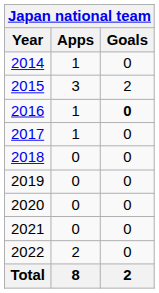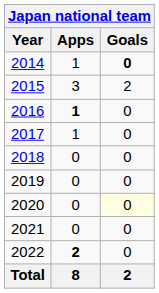 <table class="wikitable" style="text-align:center">
 <tr>
 <th colspan=3><a href='#'>Japan national team</a></th>
 </tr>
 <tr>
 <th>Year</th>
 <th>Apps</th>
 <th>Goals</th>
 </tr>
 <tr>
 <td><a href='#'>2014</a></td>
 <td>1</td>
-<td>0</td>
+<td><strong>0</strong></td>
 </tr>
 <tr>
 <td><a href='#'>2015</a></td>
 <td>3</td>
 <td>2</td>
 </tr>
 <tr>
 <td><a href='#'>2016</a></td>
-<td>1</td>
-<td><strong>0</strong></td>
+<td><strong>1</strong></td>
+<td>0</td>
 </tr>
 <tr>
 <td><a href='#'>2017</a></td>
 <td>1</td>
 <td>0</td>
 </tr>
 <tr>
 <td><a href='#'>2018</a></td>
 <td>0</td>
 <td>0</td>
 </tr>
 <tr>
 <td>2019</td>
 <td>0</td>
 <td>0</td>
 </tr>
 <tr>
 <td>2020</td>
 <td>0</td>
-<td>0</td>
+<td style="background: lightyellow;">0</td>
 </tr>
 <tr>
 <td>2021</td>
 <td>0</td>
 <td>0</td>
 </tr>
 <tr>
 <td>2022</td>
-<td>2</td>
+<td><strong>2</strong></td>
 <td>0</td>
 </tr>
 <tr>
 <th>Total</th>
 <th>8</th>
 <th>2</th>
 </tr>
 </table>
